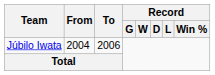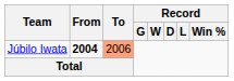 <table class="wikitable" style="text-align: center">
 <tr>
 <th rowspan="2">Team</th>
 <th rowspan="2">From</th>
 <th rowspan="2">To</th>
 <th colspan="5">Record</th>
 </tr>
 <tr>
 <th>G</th>
 <th>W</th>
 <th>D</th>
 <th>L</th>
 <th>Win %</th>
 </tr>
 <tr>
 <td align="left"><a href='#'>Júbilo Iwata</a></td>
-<td align="left">2004</td>
-<td align="left">2006<br></td>
+<td align="left"><strong>2004</strong></td>
+<td align="left" style="background: lightsalmon;">2006<br></td>
 </tr>
 <tr>
 <th colspan="3">Total<br></th>
 </tr>
 </table>
